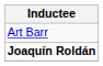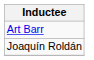 <table class="wikitable">
 <tr>
 <th>Inductee</th>
 </tr>
 <tr>
 <td><a href='#'>Art Barr</a></td>
 </tr>
 <tr>
-<td><strong>Joaquín Roldán</strong></td>
+<td>Joaquín Roldán</td>
 </tr>
 <tr>
 </tr>
 </table>
